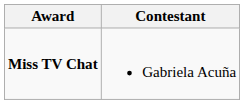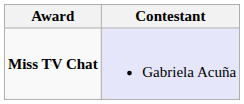 <table class="wikitable">
 <tr>
 <th>Award</th>
 <th>Contestant</th>
 </tr>
 <tr>
 <td><strong>Miss TV Chat</strong></td>
-<td><br><ul><li>Gabriela Acuña</li></ul></td>
+<td style="background: lavender;"><br><ul><li>Gabriela Acuña</li></ul></td>
 </tr>
 </table>
